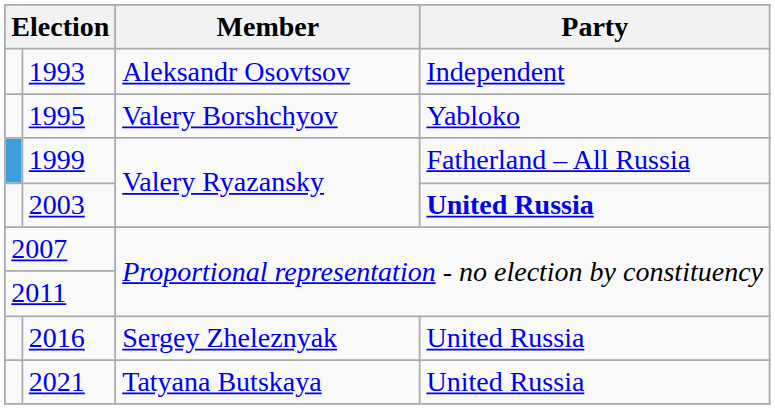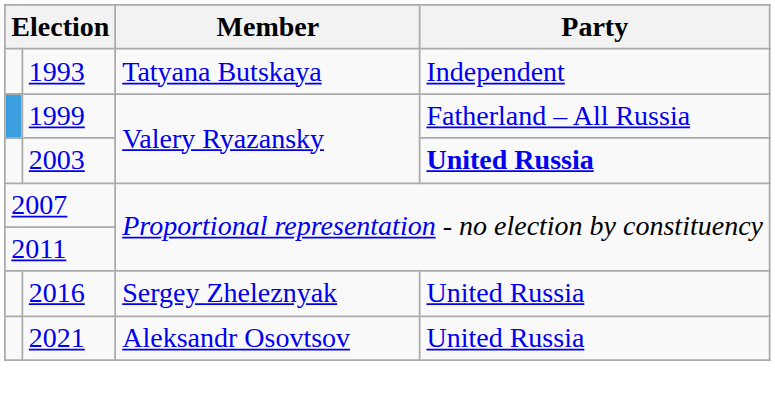 <table class="wikitable">
 <tr>
 <th colspan="2">Election</th>
 <th>Member</th>
 <th>Party</th>
 </tr>
 <tr>
 <td style="background-color:"></td>
 <td><a href='#'>1993</a></td>
-<td><a href='#'>Aleksandr Osovtsov</a></td>
+<td><a href='#'>Tatyana Butskaya</a></td>
 <td><a href='#'>Independent</a></td>
-</tr>
-<tr>
-<td style="background-color:"></td>
-<td><a href='#'>1995</a></td>
-<td><a href='#'>Valery Borshchyov</a></td>
-<td><a href='#'>Yabloko</a></td>
 </tr>
 <tr>
 <td style="background-color:#3B9EDF"></td>
 <td><a href='#'>1999</a></td>
 <td rowspan=2><a href='#'>Valery Ryazansky</a></td>
 <td><a href='#'>Fatherland – All Russia</a></td>
 </tr>
 <tr>
 <td style="background-color:"></td>
 <td><a href='#'>2003</a></td>
 <td><strong><a href='#'>United Russia</a></strong></td>
 </tr>
 <tr>
 <td colspan=2><a href='#'>2007</a></td>
 <td colspan=2 rowspan=2><em><a href='#'>Proportional representation</a> - no election by constituency</em></td>
 </tr>
 <tr>
 <td colspan=2><a href='#'>2011</a></td>
 </tr>
 <tr>
 <td style="background-color:"></td>
 <td><a href='#'>2016</a></td>
 <td><a href='#'>Sergey Zheleznyak</a></td>
 <td><a href='#'>United Russia</a></td>
 </tr>
 <tr>
 <td style="background-color:"></td>
 <td><a href='#'>2021</a></td>
-<td><a href='#'>Tatyana Butskaya</a></td>
+<td><a href='#'>Aleksandr Osovtsov</a></td>
 <td><a href='#'>United Russia</a></td>
 </tr>
 </table>
